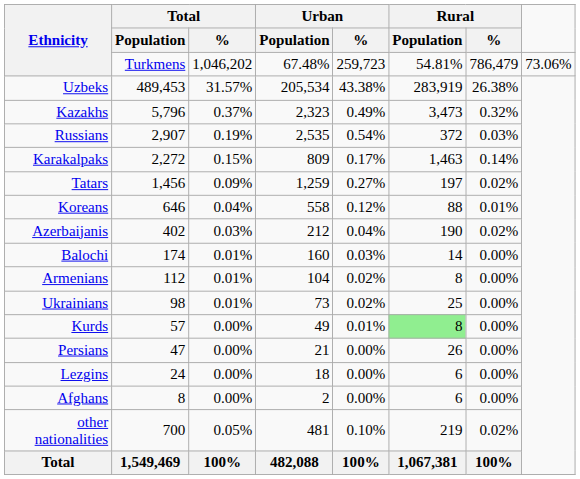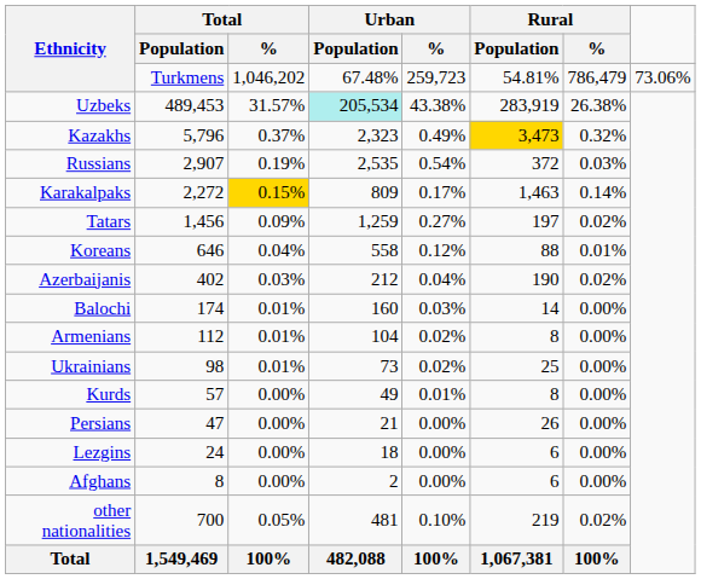 <table class="wikitable sortable" style="text-align:right">
 <tr>
 <th rowspan="3"><a href='#'>Ethnicity</a></th>
 <th colspan="2">Total</th>
 <th colspan="2">Urban</th>
 <th colspan="2">Rural</th>
 </tr>
 <tr>
 <th>Population</th>
 <th>%</th>
 <th>Population</th>
 <th>%</th>
 <th>Population</th>
 <th>%</th>
 </tr>
 <tr>
 <td><a href='#'>Turkmens</a></td>
 <td>1,046,202</td>
 <td>67.48%</td>
 <td>259,723</td>
 <td>54.81%</td>
 <td>786,479</td>
 <td>73.06%</td>
 </tr>
 <tr>
 <td><a href='#'>Uzbeks</a></td>
 <td>489,453</td>
 <td>31.57%</td>
-<td>205,534</td>
+<td style="background: paleturquoise;">205,534</td>
 <td>43.38%</td>
 <td>283,919</td>
 <td>26.38%</td>
 </tr>
 <tr>
 <td><a href='#'>Kazakhs</a></td>
 <td>5,796</td>
 <td>0.37%</td>
 <td>2,323</td>
 <td>0.49%</td>
-<td>3,473</td>
+<td style="background: gold;">3,473</td>
 <td>0.32%</td>
 </tr>
 <tr>
 <td><a href='#'>Russians</a></td>
 <td>2,907</td>
 <td>0.19%</td>
 <td>2,535</td>
 <td>0.54%</td>
 <td>372</td>
 <td>0.03%</td>
 </tr>
 <tr>
 <td><a href='#'>Karakalpaks</a></td>
 <td>2,272</td>
-<td>0.15%</td>
+<td style="background: gold;">0.15%</td>
 <td>809</td>
 <td>0.17%</td>
 <td>1,463</td>
 <td>0.14%</td>
 </tr>
 <tr>
 <td><a href='#'>Tatars</a></td>
 <td>1,456</td>
 <td>0.09%</td>
 <td>1,259</td>
 <td>0.27%</td>
 <td>197</td>
 <td>0.02%</td>
 </tr>
 <tr>
 <td><a href='#'>Koreans</a></td>
 <td>646</td>
 <td>0.04%</td>
 <td>558</td>
 <td>0.12%</td>
 <td>88</td>
 <td>0.01%</td>
 </tr>
 <tr>
 <td><a href='#'>Azerbaijanis</a></td>
 <td>402</td>
 <td>0.03%</td>
 <td>212</td>
 <td>0.04%</td>
 <td>190</td>
 <td>0.02%</td>
 </tr>
 <tr>
 <td><a href='#'>Balochi</a></td>
 <td>174</td>
 <td>0.01%</td>
 <td>160</td>
 <td>0.03%</td>
 <td>14</td>
 <td>0.00%</td>
 </tr>
 <tr>
 <td><a href='#'>Armenians</a></td>
 <td>112</td>
 <td>0.01%</td>
 <td>104</td>
 <td>0.02%</td>
 <td>8</td>
 <td>0.00%</td>
 </tr>
 <tr>
 <td><a href='#'>Ukrainians</a></td>
 <td>98</td>
 <td>0.01%</td>
 <td>73</td>
 <td>0.02%</td>
 <td>25</td>
 <td>0.00%</td>
 </tr>
 <tr>
 <td><a href='#'>Kurds</a></td>
 <td>57</td>
 <td>0.00%</td>
 <td>49</td>
 <td>0.01%</td>
-<td style="background: lightgreen;">8</td>
+<td>8</td>
 <td>0.00%</td>
 </tr>
 <tr>
 <td><a href='#'>Persians</a></td>
 <td>47</td>
 <td>0.00%</td>
 <td>21</td>
 <td>0.00%</td>
 <td>26</td>
 <td>0.00%</td>
 </tr>
 <tr>
 <td><a href='#'>Lezgins</a></td>
 <td>24</td>
 <td>0.00%</td>
 <td>18</td>
 <td>0.00%</td>
 <td>6</td>
 <td>0.00%</td>
 </tr>
 <tr>
 <td><a href='#'>Afghans</a></td>
 <td>8</td>
 <td>0.00%</td>
 <td>2</td>
 <td>0.00%</td>
 <td>6</td>
 <td>0.00%</td>
 </tr>
 <tr>
 <td><a href='#'>other nationalities</a></td>
 <td>700</td>
 <td>0.05%</td>
 <td>481</td>
 <td>0.10%</td>
 <td>219</td>
 <td>0.02%</td>
 </tr>
 <tr class="sortbottom">
 <th><strong>Total</strong></th>
 <th><strong>1,549,469</strong></th>
 <th><strong>100%</strong></th>
 <th><strong>482,088</strong></th>
 <th><strong>100%</strong></th>
 <th><strong>1,067,381</strong></th>
 <th><strong>100%</strong></th>
 </tr>
 </table>
